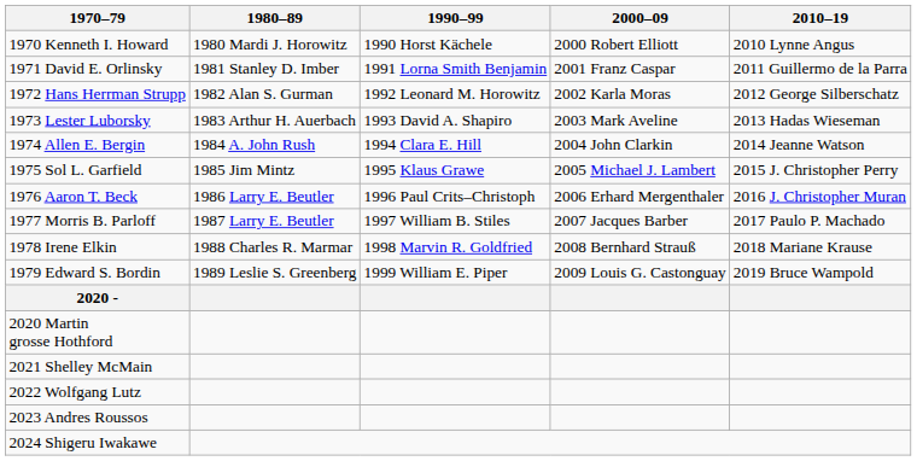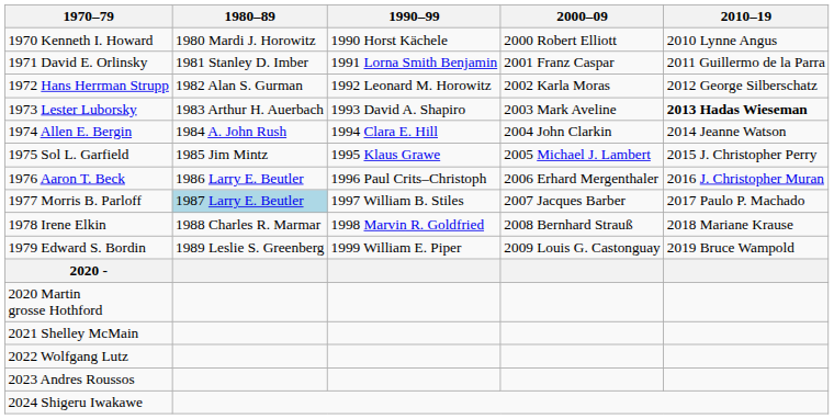 <table class="wikitable">
 <tr>
 <th>1970–79</th>
 <th>1980–89</th>
 <th>1990–99</th>
 <th>2000–09</th>
 <th>2010–19</th>
 </tr>
 <tr>
 <td>1970 Kenneth I. Howard</td>
 <td>1980 Mardi J. Horowitz</td>
 <td>1990 Horst Kächele</td>
 <td>2000 Robert Elliott</td>
 <td>2010 Lynne Angus</td>
 </tr>
 <tr>
 <td>1971 David E. Orlinsky</td>
 <td>1981 Stanley D. Imber</td>
 <td>1991 <a href='#'>Lorna Smith Benjamin</a></td>
 <td>2001 Franz Caspar</td>
 <td>2011  Guillermo de la Parra</td>
 </tr>
 <tr>
 <td>1972 <a href='#'>Hans Herrman Strupp</a></td>
 <td>1982 Alan S. Gurman</td>
 <td>1992 Leonard M. Horowitz</td>
 <td>2002 Karla Moras</td>
 <td>2012 George Silberschatz</td>
 </tr>
 <tr>
 <td>1973 <a href='#'>Lester Luborsky</a></td>
 <td>1983 Arthur H. Auerbach</td>
 <td>1993 David A. Shapiro</td>
 <td>2003 Mark Aveline</td>
-<td>2013 Hadas Wieseman</td>
+<td><strong>2013 Hadas Wieseman</strong></td>
 </tr>
 <tr>
 <td>1974 <a href='#'>Allen E. Bergin</a></td>
 <td>1984 <a href='#'>A. John Rush</a></td>
 <td>1994 <a href='#'>Clara E. Hill</a></td>
 <td>2004 John Clarkin</td>
 <td>2014 Jeanne Watson</td>
 </tr>
 <tr>
 <td>1975 Sol L. Garfield</td>
 <td>1985 Jim Mintz</td>
 <td>1995 <a href='#'>Klaus Grawe</a></td>
 <td>2005 <a href='#'>Michael J. Lambert</a></td>
 <td>2015 J. Christopher Perry</td>
 </tr>
 <tr>
 <td>1976 <a href='#'>Aaron T. Beck</a></td>
 <td>1986 <a href='#'>Larry E. Beutler</a></td>
 <td>1996 Paul Crits–Christoph</td>
 <td>2006 Erhard Mergenthaler</td>
 <td>2016 <a href='#'>J. Christopher Muran</a></td>
 </tr>
 <tr>
 <td>1977 Morris B. Parloff</td>
-<td>1987 <a href='#'>Larry E. Beutler</a></td>
+<td style="background: lightblue;">1987 <a href='#'>Larry E. Beutler</a></td>
 <td>1997 William B. Stiles</td>
 <td>2007 Jacques Barber</td>
 <td>2017 Paulo P. Machado</td>
 </tr>
 <tr>
 <td>1978 Irene Elkin</td>
 <td>1988 Charles R. Marmar</td>
 <td>1998 <a href='#'>Marvin R. Goldfried</a></td>
 <td>2008 Bernhard Strauß</td>
 <td>2018 Mariane Krause</td>
 </tr>
 <tr>
 <td>1979 Edward S. Bordin</td>
 <td>1989 Leslie S. Greenberg</td>
 <td>1999 William E. Piper</td>
 <td>2009 Louis G. Castonguay</td>
 <td>2019 Bruce Wampold</td>
 </tr>
 <tr>
 <th><strong>2020 -</strong></th>
 <th></th>
 <th></th>
 <th></th>
 <th></th>
 </tr>
 <tr>
 <td>2020 Martin<br>grosse Hothford</td>
 <td></td>
 <td></td>
 <td></td>
 <td></td>
 </tr>
 <tr>
 <td>2021 Shelley McMain</td>
 <td></td>
 <td></td>
 <td></td>
 <td></td>
 </tr>
 <tr>
 <td>2022 Wolfgang Lutz</td>
 <td></td>
 <td></td>
 <td></td>
 <td></td>
 </tr>
 <tr>
 <td>2023 Andres Roussos</td>
 <td></td>
 <td></td>
 <td></td>
 <td></td>
 </tr>
 <tr>
 <td>2024 Shigeru Iwakawe</td>
 </tr>
 </table>
